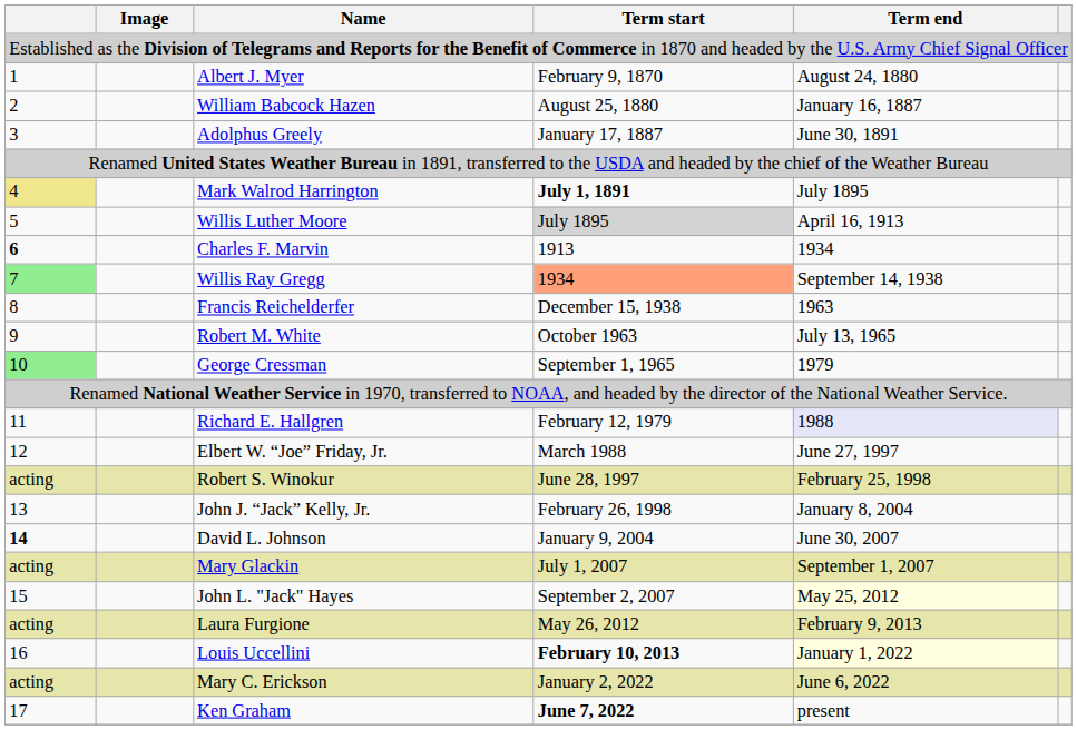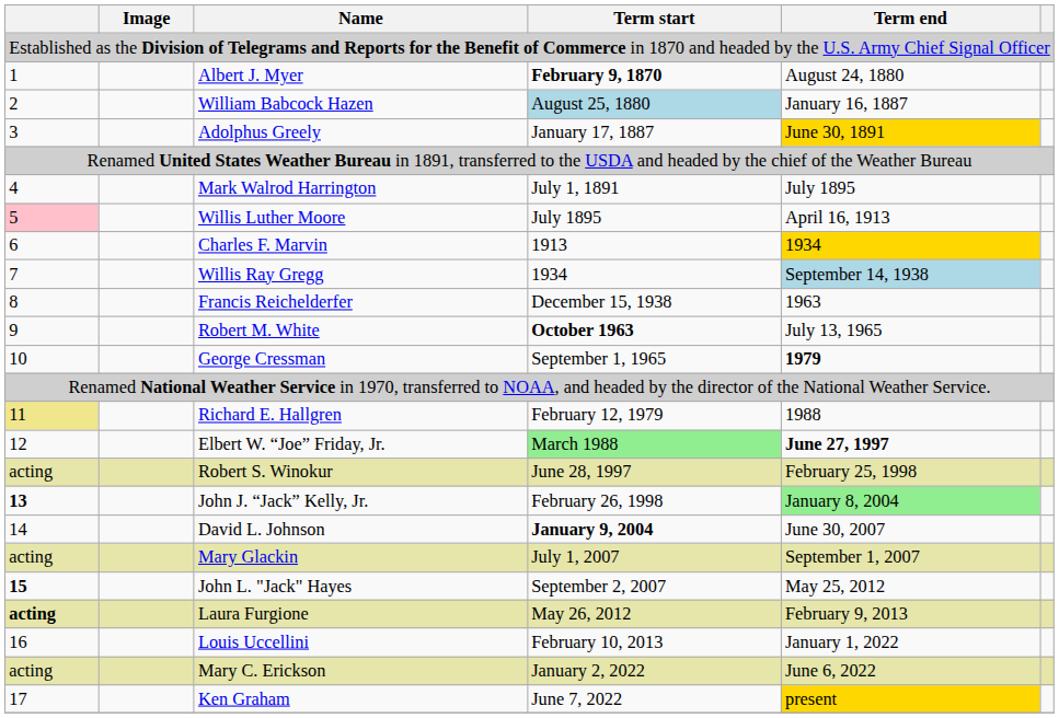 <table class="wikitable">
 <tr>
 <th></th>
 <th>Image</th>
 <th>Name</th>
 <th>Term start</th>
 <th>Term end</th>
 <th></th>
 </tr>
 <tr>
 <td colspan="6" style="text-align: center;" bgcolor="#cfcfcf">Established as the <strong>Division of Telegrams and Reports for the Benefit of Commerce</strong> in 1870 and headed by the <a href='#'>U.S. Army Chief Signal Officer</a></td>
 </tr>
 <tr>
 <td>1</td>
 <td></td>
 <td><a href='#'>Albert J. Myer</a></td>
-<td>February 9, 1870</td>
+<td><strong>February 9, 1870</strong></td>
 <td>August 24, 1880</td>
 <td></td>
 </tr>
 <tr>
 <td>2</td>
 <td></td>
 <td><a href='#'>William Babcock Hazen</a></td>
-<td>August 25, 1880</td>
+<td style="background: lightblue;">August 25, 1880</td>
 <td>January 16, 1887</td>
 <td></td>
 </tr>
 <tr>
 <td>3</td>
 <td></td>
 <td><a href='#'>Adolphus Greely</a></td>
 <td>January 17, 1887</td>
-<td>June 30, 1891</td>
+<td style="background: gold;">June 30, 1891</td>
 <td></td>
 </tr>
 <tr>
 <td colspan="6" style="text-align: center;" bgcolor="#cfcfcf">Renamed <strong>United States Weather Bureau</strong> in 1891, transferred to the <a href='#'>USDA</a> and headed by the chief of the Weather Bureau</td>
 </tr>
 <tr>
-<td style="background: khaki;">4</td>
+<td>4</td>
 <td></td>
 <td><a href='#'>Mark Walrod Harrington</a></td>
-<td><strong>July 1, 1891</strong></td>
+<td>July 1, 1891</td>
 <td>July 1895</td>
 <td></td>
 </tr>
 <tr>
-<td>5</td>
+<td style="background: pink;">5</td>
 <td></td>
 <td><a href='#'>Willis Luther Moore</a></td>
-<td style="background: lightgrey;">July 1895</td>
+<td>July 1895</td>
 <td>April 16, 1913</td>
 <td></td>
 </tr>
 <tr>
-<td><strong>6</strong></td>
+<td>6</td>
 <td></td>
 <td><a href='#'>Charles F. Marvin</a></td>
 <td>1913</td>
-<td>1934</td>
+<td style="background: gold;">1934</td>
 <td></td>
 </tr>
 <tr>
-<td style="background: lightgreen;">7</td>
+<td>7</td>
 <td></td>
 <td><a href='#'>Willis Ray Gregg</a></td>
-<td style="background: lightsalmon;">1934</td>
-<td nowrap>September 14, 1938</td>
+<td>1934</td>
+<td nowrap style="background: lightblue;">September 14, 1938</td>
 <td></td>
 </tr>
 <tr>
 <td>8</td>
 <td></td>
 <td><a href='#'>Francis Reichelderfer</a></td>
 <td nowrap>December 15, 1938</td>
 <td>1963</td>
 <td></td>
 </tr>
 <tr>
 <td>9</td>
 <td></td>
 <td><a href='#'>Robert M. White</a></td>
-<td>October 1963</td>
+<td><strong>October 1963</strong></td>
 <td>July 13, 1965</td>
 <td></td>
 </tr>
 <tr>
-<td style="background: lightgreen;">10</td>
+<td>10</td>
 <td></td>
 <td><a href='#'>George Cressman</a></td>
 <td>September 1, 1965</td>
-<td>1979</td>
+<td><strong>1979</strong></td>
 <td></td>
 </tr>
 <tr>
 <td colspan="6" style="text-align: center;" bgcolor="#cfcfcf">Renamed <strong>National Weather Service</strong> in 1970, transferred to <a href='#'>NOAA</a>, and headed by the director of the National Weather Service.</td>
 </tr>
 <tr>
-<td>11</td>
+<td style="background: khaki;">11</td>
 <td></td>
 <td><a href='#'>Richard E. Hallgren</a></td>
 <td>February 12, 1979</td>
-<td style="background: lavender;">1988</td>
+<td>1988</td>
 <td></td>
 </tr>
 <tr>
 <td>12</td>
 <td></td>
 <td>Elbert W. “Joe” Friday, Jr.</td>
-<td>March 1988</td>
-<td>June 27, 1997</td>
+<td style="background: lightgreen;">March 1988</td>
+<td><strong>June 27, 1997</strong></td>
 <td></td>
 </tr>
 <tr bgcolor="#e6e6aa">
 <td>acting</td>
 <td></td>
 <td>Robert S. Winokur</td>
 <td>June 28, 1997</td>
 <td>February 25, 1998</td>
 <td></td>
 </tr>
 <tr>
-<td>13</td>
+<td><strong>13</strong></td>
 <td></td>
 <td>John J. “Jack” Kelly, Jr.</td>
 <td>February 26, 1998</td>
-<td>January 8, 2004</td>
+<td style="background: lightgreen;">January 8, 2004</td>
 <td></td>
 </tr>
 <tr>
-<td><strong>14</strong></td>
+<td>14</td>
 <td></td>
 <td>David L. Johnson</td>
-<td>January 9, 2004</td>
+<td><strong>January 9, 2004</strong></td>
 <td>June 30, 2007</td>
 <td></td>
 </tr>
 <tr bgcolor="#e6e6aa">
 <td>acting</td>
 <td></td>
 <td><a href='#'>Mary Glackin</a></td>
 <td>July 1, 2007</td>
 <td>September 1, 2007</td>
 <td></td>
 </tr>
 <tr>
-<td>15</td>
+<td><strong>15</strong></td>
 <td></td>
 <td>John L. "Jack" Hayes</td>
 <td>September 2, 2007</td>
-<td style="background: lightyellow;">May 25, 2012</td>
+<td>May 25, 2012</td>
 <td></td>
 </tr>
 <tr bgcolor="#e6e6aa">
-<td>acting</td>
+<td><strong>acting</strong></td>
 <td></td>
 <td>Laura Furgione</td>
 <td>May 26, 2012</td>
 <td>February 9, 2013</td>
 <td></td>
 </tr>
 <tr>
 <td>16</td>
 <td></td>
 <td><a href='#'>Louis Uccellini</a></td>
-<td><strong>February 10, 2013</strong></td>
-<td style="background: lightyellow;">January 1, 2022</td>
+<td>February 10, 2013</td>
+<td>January 1, 2022</td>
 <td></td>
 </tr>
 <tr bgcolor="#e6e6aa">
 <td>acting</td>
 <td></td>
 <td>Mary C. Erickson</td>
 <td>January 2, 2022</td>
 <td>June 6, 2022</td>
 <td></td>
 </tr>
 <tr>
 <td>17</td>
 <td></td>
 <td><a href='#'>Ken Graham</a></td>
-<td><strong>June 7, 2022</strong></td>
-<td>present</td>
+<td>June 7, 2022</td>
+<td style="background: gold;">present</td>
 <td></td>
 </tr>
 <tr>
 </tr>
 </table>
